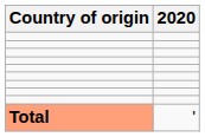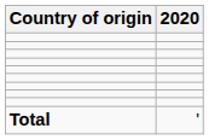 <table class="wikitable">
 <tr>
 <th scope=col>Country of origin</th>
 <th scope=col>2020</th>
 </tr>
 <tr>
 <td></td>
 <td align="right"></td>
 </tr>
 <tr>
 <td></td>
 <td align="right"></td>
 </tr>
 <tr>
 <td></td>
 <td align="right"></td>
 </tr>
 <tr>
 <td></td>
 <td align="right"></td>
 </tr>
 <tr>
 <td></td>
 <td align="right"></td>
 </tr>
 <tr>
 <td></td>
 <td align="right"></td>
 </tr>
 <tr>
 <td></td>
 <td align="right"></td>
 </tr>
 <tr>
 <td></td>
 <td align="right"></td>
 </tr>
 <tr>
 <td></td>
 <td align="right"></td>
 </tr>
 <tr>
-<td style="background: lightsalmon;"><strong>Total</strong></td>
+<td><strong>Total</strong></td>
 <td align="right"><strong></strong>'</td>
 </tr>
 </table>
